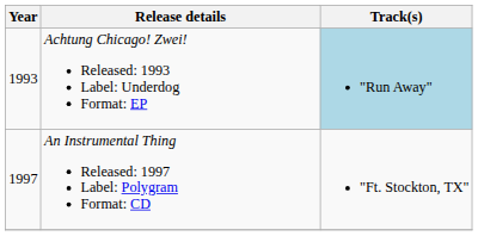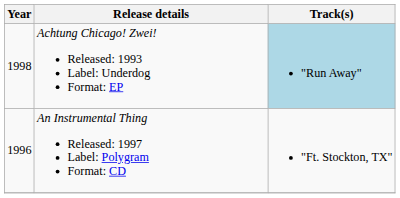 <table class ="wikitable">
 <tr>
 <th>Year</th>
 <th width="300">Release details</th>
 <th>Track(s)</th>
 </tr>
 <tr>
-<td>1993</td>
+<td>1998</td>
 <td><em>Achtung Chicago! Zwei!</em><br><ul><li>Released: 1993</li><li>Label: Underdog</li><li>Format: <a href='#'>EP</a></li></ul></td>
 <td style="background: lightblue;"><br><ul><li>"Run Away"</li></ul></td>
 </tr>
 <tr>
-<td>1997</td>
+<td>1996</td>
 <td><em>An Instrumental Thing</em><br><ul><li>Released: 1997</li><li>Label: <a href='#'>Polygram</a></li><li>Format: <a href='#'>CD</a></li></ul></td>
 <td><br><ul><li>"Ft. Stockton, TX"</li></ul></td>
 </tr>
 <tr>
 </tr>
 </table>
